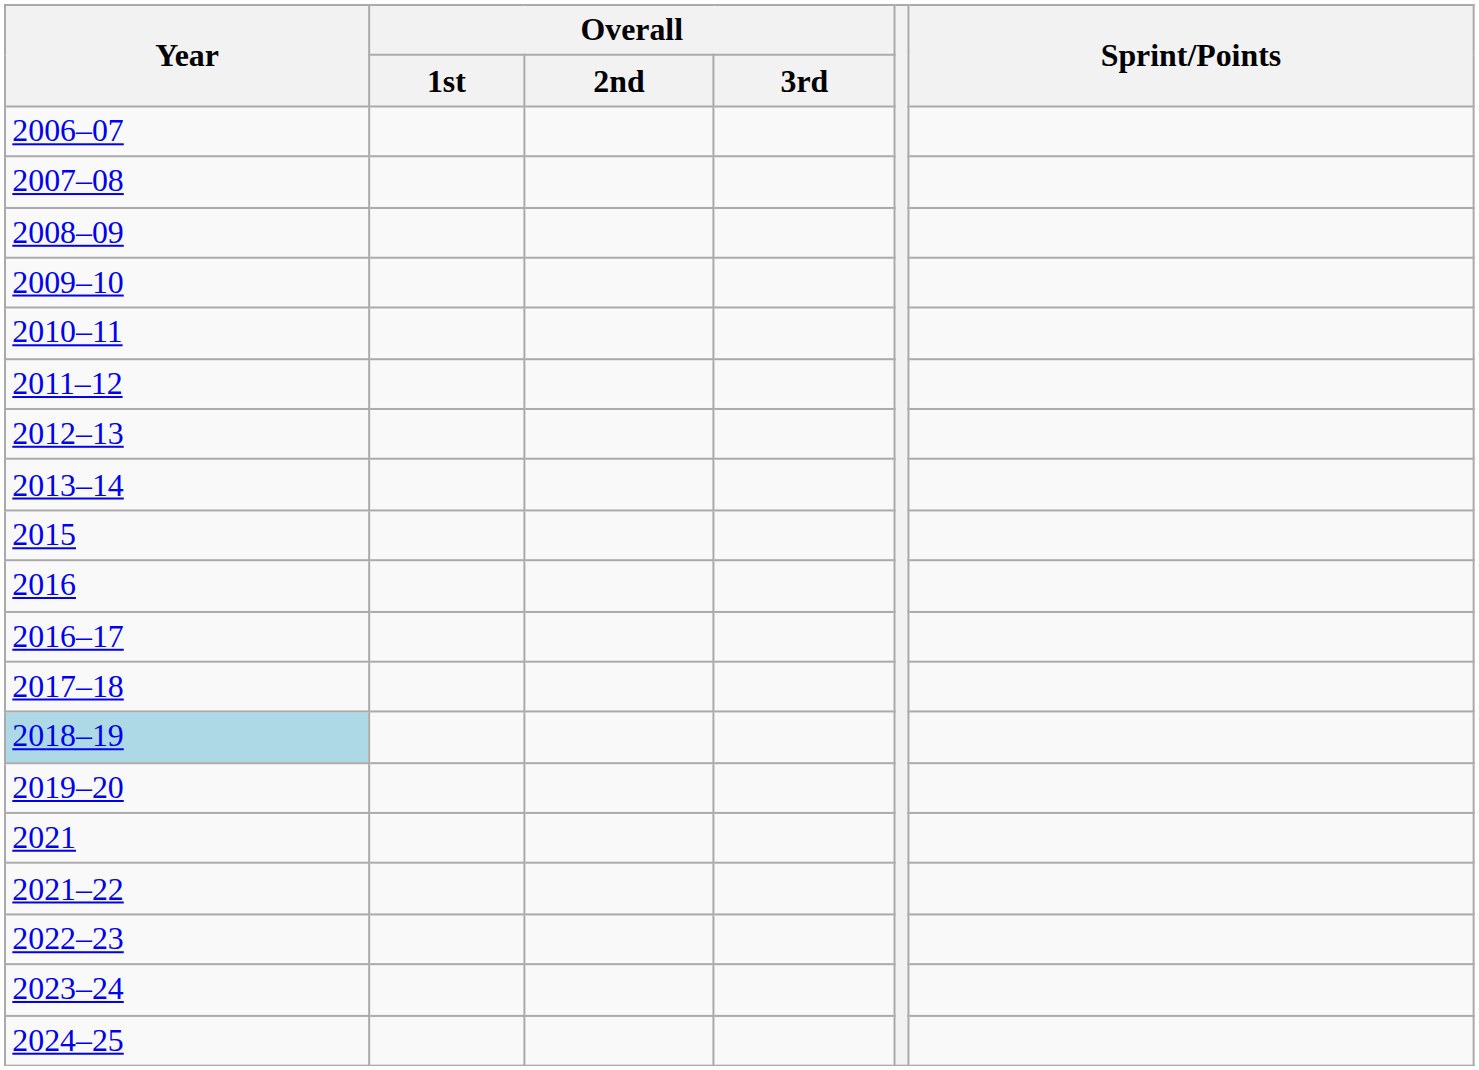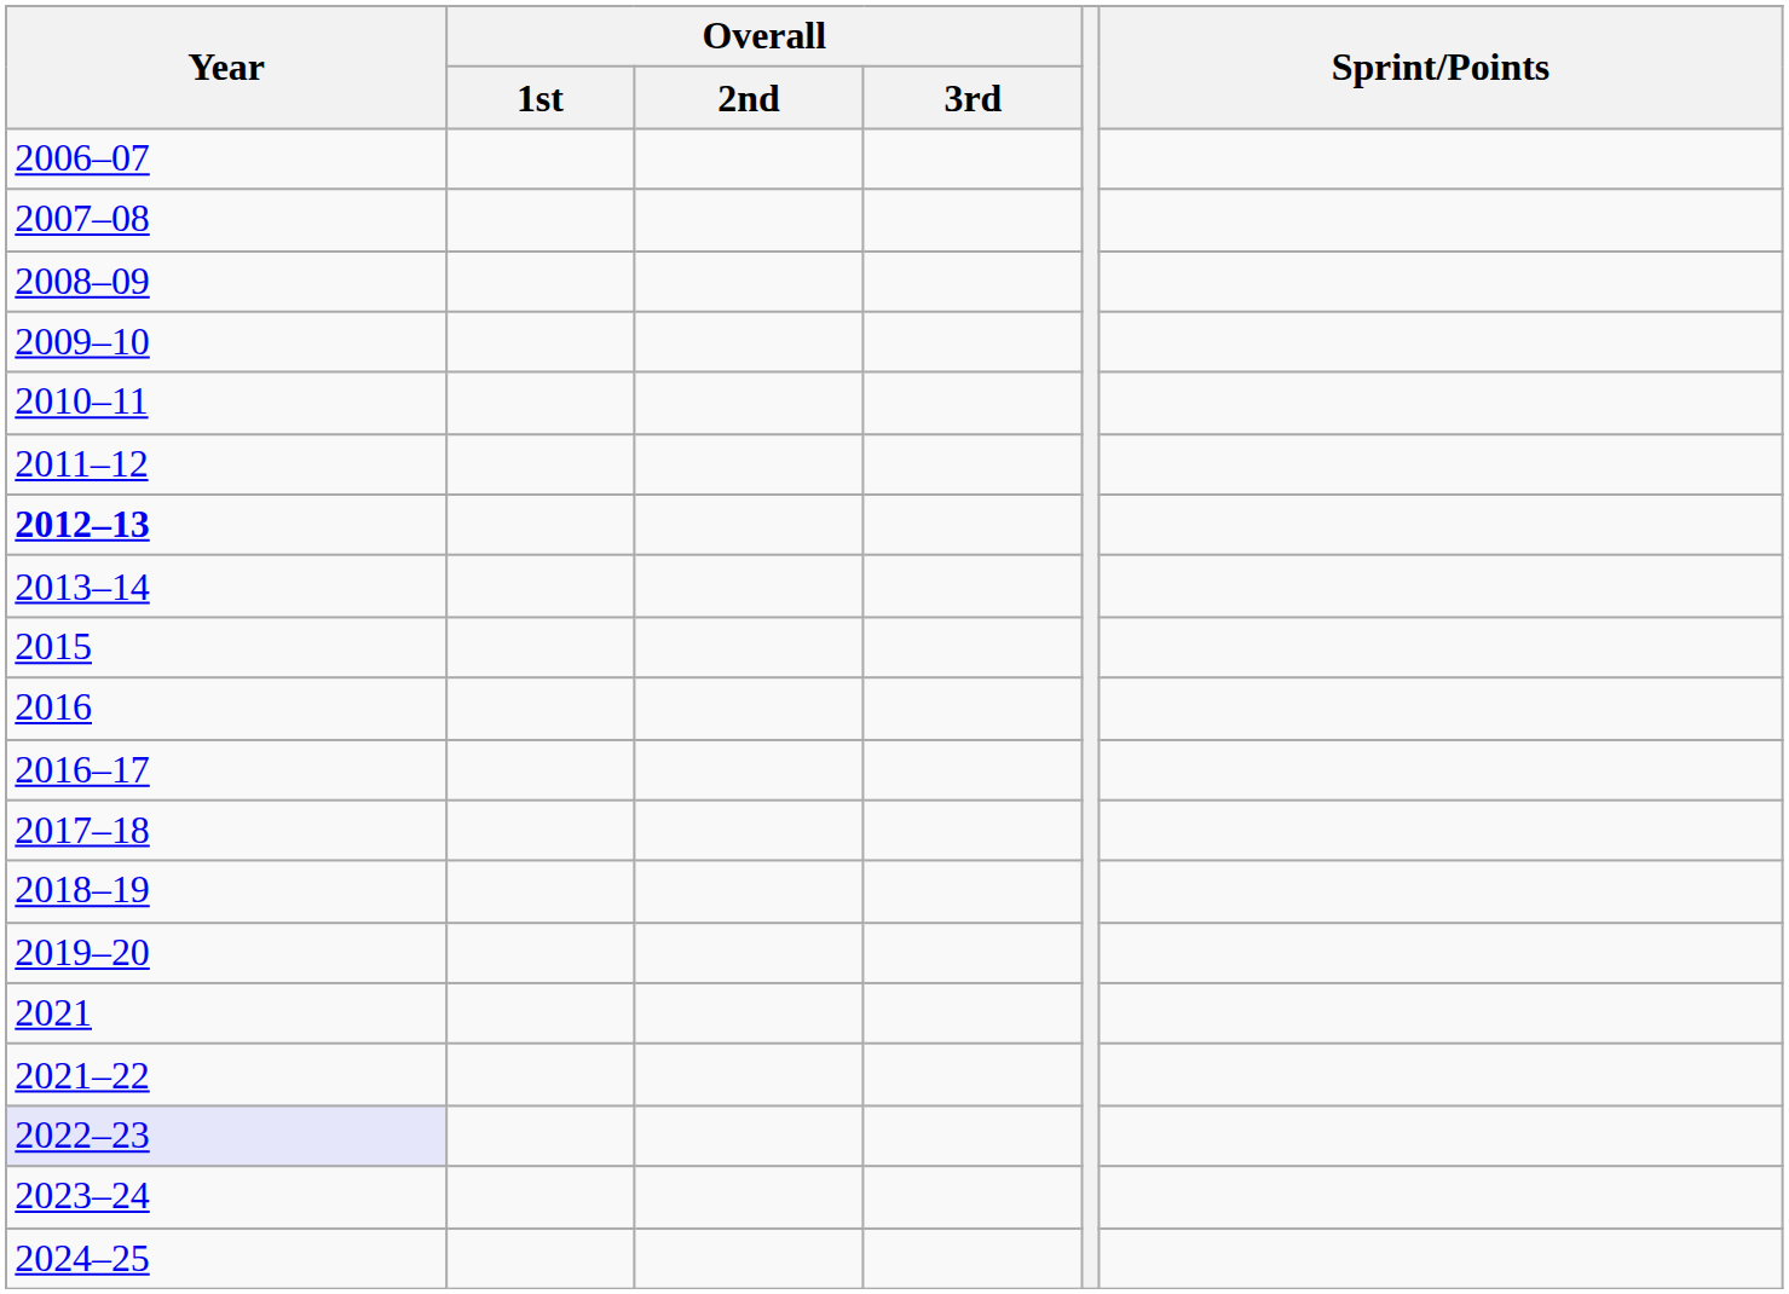 <table class="wikitable">
 <tr>
 <th rowspan="2">Year</th>
 <th colspan="3">Overall</th>
 <th rowspan="21" width="1%"></th>
 <th rowspan="2">Sprint/Points</th>
 </tr>
 <tr>
 <th>1st</th>
 <th>2nd</th>
 <th>3rd</th>
 </tr>
 <tr>
 <td><a href='#'>2006–07</a></td>
 <td></td>
 <td></td>
 <td></td>
 <td></td>
 </tr>
 <tr>
 <td><a href='#'>2007–08</a></td>
 <td></td>
 <td></td>
 <td></td>
 <td></td>
 </tr>
 <tr>
 <td><a href='#'>2008–09</a></td>
 <td></td>
 <td></td>
 <td></td>
 <td></td>
 </tr>
 <tr>
 <td><a href='#'>2009–10</a></td>
 <td></td>
 <td></td>
 <td></td>
 <td></td>
 </tr>
 <tr>
 <td><a href='#'>2010–11</a></td>
 <td></td>
 <td></td>
 <td></td>
 <td></td>
 </tr>
 <tr>
 <td><a href='#'>2011–12</a></td>
 <td></td>
 <td></td>
 <td></td>
 <td></td>
 </tr>
 <tr>
-<td><a href='#'>2012–13</a></td>
+<td><strong><a href='#'>2012–13</a></strong></td>
 <td></td>
 <td></td>
 <td></td>
 <td></td>
 </tr>
 <tr>
 <td><a href='#'>2013–14</a></td>
 <td></td>
 <td></td>
 <td></td>
 <td></td>
 </tr>
 <tr>
 <td><a href='#'>2015</a></td>
 <td></td>
 <td></td>
 <td></td>
 <td></td>
 </tr>
 <tr>
 <td><a href='#'>2016</a></td>
 <td></td>
 <td></td>
 <td></td>
 <td></td>
 </tr>
 <tr>
 <td><a href='#'>2016–17</a></td>
 <td></td>
 <td></td>
 <td></td>
 <td></td>
 </tr>
 <tr>
 <td><a href='#'>2017–18</a></td>
 <td></td>
 <td></td>
 <td></td>
 <td></td>
 </tr>
 <tr>
-<td style="background: lightblue;"><a href='#'>2018–19</a></td>
+<td><a href='#'>2018–19</a></td>
 <td></td>
 <td></td>
 <td></td>
 <td></td>
 </tr>
 <tr>
 <td><a href='#'>2019–20</a></td>
 <td></td>
 <td></td>
 <td></td>
 <td></td>
 </tr>
 <tr>
 <td><a href='#'>2021</a></td>
 <td></td>
 <td></td>
 <td></td>
 <td></td>
 </tr>
 <tr>
 <td><a href='#'>2021–22</a></td>
 <td></td>
 <td></td>
 <td></td>
 <td></td>
 </tr>
 <tr>
-<td><a href='#'>2022–23</a></td>
+<td style="background: lavender;"><a href='#'>2022–23</a></td>
 <td></td>
 <td></td>
 <td></td>
 <td></td>
 </tr>
 <tr>
 <td><a href='#'>2023–24</a></td>
 <td></td>
 <td></td>
 <td></td>
 <td></td>
 </tr>
 <tr>
 <td><a href='#'>2024–25</a></td>
 <td></td>
 <td></td>
 <td></td>
 <td></td>
 </tr>
 </table>
